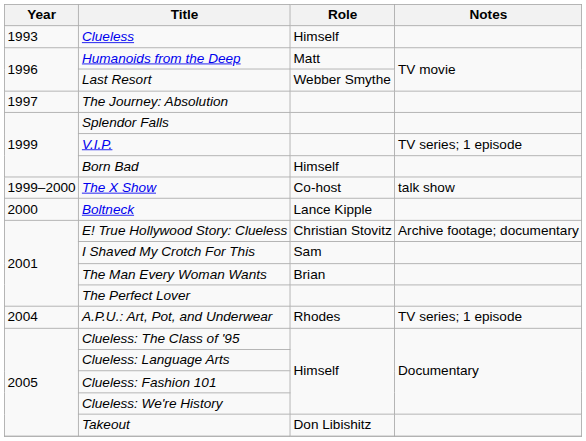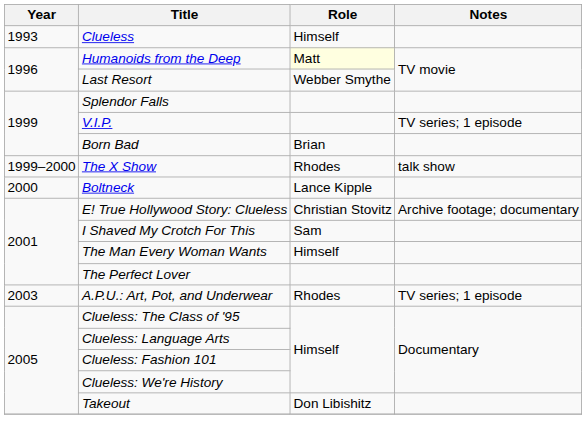 <table class="wikitable">
 <tr>
 <th>Year</th>
 <th>Title</th>
 <th>Role</th>
 <th>Notes</th>
 </tr>
 <tr>
 <td>1993</td>
 <td><em><a href='#'>Clueless</a></em></td>
 <td>Himself</td>
 <td></td>
 </tr>
 <tr>
 <td rowspan=2>1996</td>
 <td><em><a href='#'>Humanoids from the Deep</a></em></td>
-<td>Matt</td>
+<td style="background: lightyellow;">Matt</td>
 <td rowspan=2>TV movie</td>
 </tr>
 <tr>
 <td><em>Last Resort</em></td>
 <td>Webber Smythe</td>
-</tr>
-<tr>
-<td>1997</td>
-<td><em>The Journey: Absolution</em></td>
-<td></td>
-<td></td>
 </tr>
 <tr>
 <td rowspan=3>1999</td>
 <td><em>Splendor Falls</em></td>
 <td></td>
 <td></td>
 </tr>
 <tr>
 <td><em><a href='#'>V.I.P.</a></em></td>
 <td></td>
 <td>TV series; 1 episode</td>
 </tr>
 <tr>
 <td><em>Born Bad</em></td>
-<td>Himself</td>
+<td>Brian</td>
 <td></td>
 </tr>
 <tr>
 <td>1999–2000</td>
 <td><em><a href='#'>The X Show</a></em></td>
-<td>Co-host</td>
+<td>Rhodes</td>
 <td>talk show</td>
 </tr>
 <tr>
 <td>2000</td>
 <td><em><a href='#'>Boltneck</a></em></td>
 <td>Lance Kipple</td>
 <td></td>
 </tr>
 <tr>
 <td rowspan=4>2001</td>
 <td><em>E! True Hollywood Story: Clueless</em></td>
 <td>Christian Stovitz</td>
 <td>Archive footage; documentary</td>
 </tr>
 <tr>
 <td><em>I Shaved My Crotch For This</em></td>
 <td>Sam</td>
 <td></td>
 </tr>
 <tr>
 <td><em>The Man Every Woman Wants</em></td>
-<td>Brian</td>
+<td>Himself</td>
 <td></td>
 </tr>
 <tr>
 <td><em>The Perfect Lover</em></td>
 <td></td>
 <td></td>
 </tr>
 <tr>
-<td>2004</td>
+<td>2003</td>
 <td><em>A.P.U.: Art, Pot, and Underwear</em></td>
 <td>Rhodes</td>
 <td>TV series; 1 episode</td>
 </tr>
 <tr>
 <td rowspan=5>2005</td>
 <td><em>Clueless: The Class of '95</em></td>
 <td rowspan=4>Himself</td>
 <td rowspan=4>Documentary</td>
 </tr>
 <tr>
 <td><em>Clueless: Language Arts</em></td>
 </tr>
 <tr>
 <td><em>Clueless: Fashion 101</em></td>
 </tr>
 <tr>
 <td><em>Clueless: We're History</em></td>
 </tr>
 <tr>
 <td><em>Takeout</em></td>
 <td>Don Libishitz</td>
 <td></td>
 </tr>
 <tr>
 </tr>
 </table>
